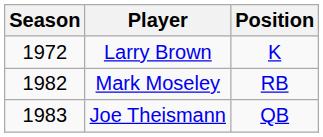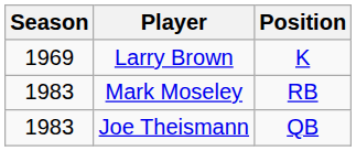 <table class="wikitable" style="text-align:center">
 <tr>
 <th>Season</th>
 <th>Player</th>
 <th>Position</th>
 </tr>
 <tr>
-<td>1972</td>
+<td>1969</td>
 <td><a href='#'>Larry Brown</a></td>
 <td><a href='#'>K</a></td>
 </tr>
 <tr>
-<td>1982</td>
+<td>1983</td>
 <td><a href='#'>Mark Moseley</a></td>
 <td><a href='#'>RB</a></td>
 </tr>
 <tr>
 <td>1983</td>
 <td><a href='#'>Joe Theismann</a></td>
 <td><a href='#'>QB</a></td>
 </tr>
 </table>
